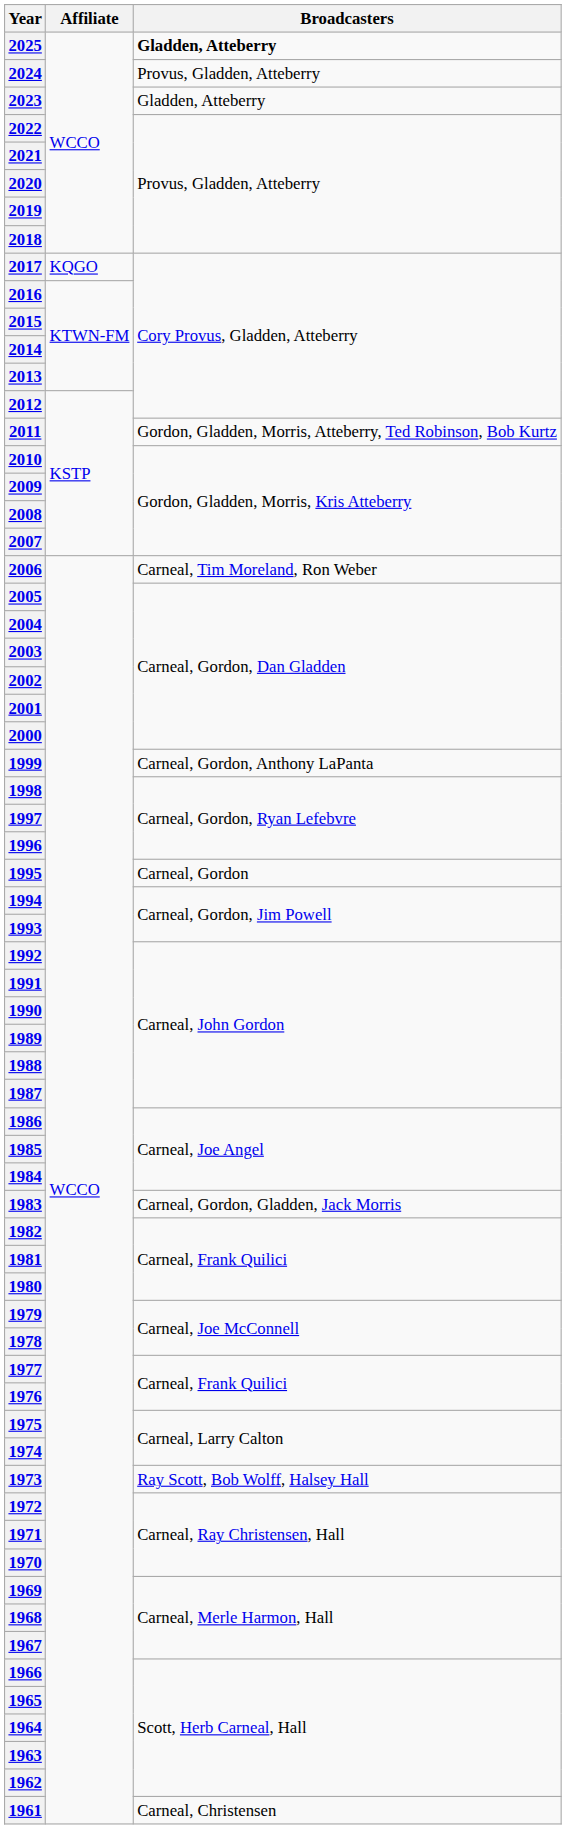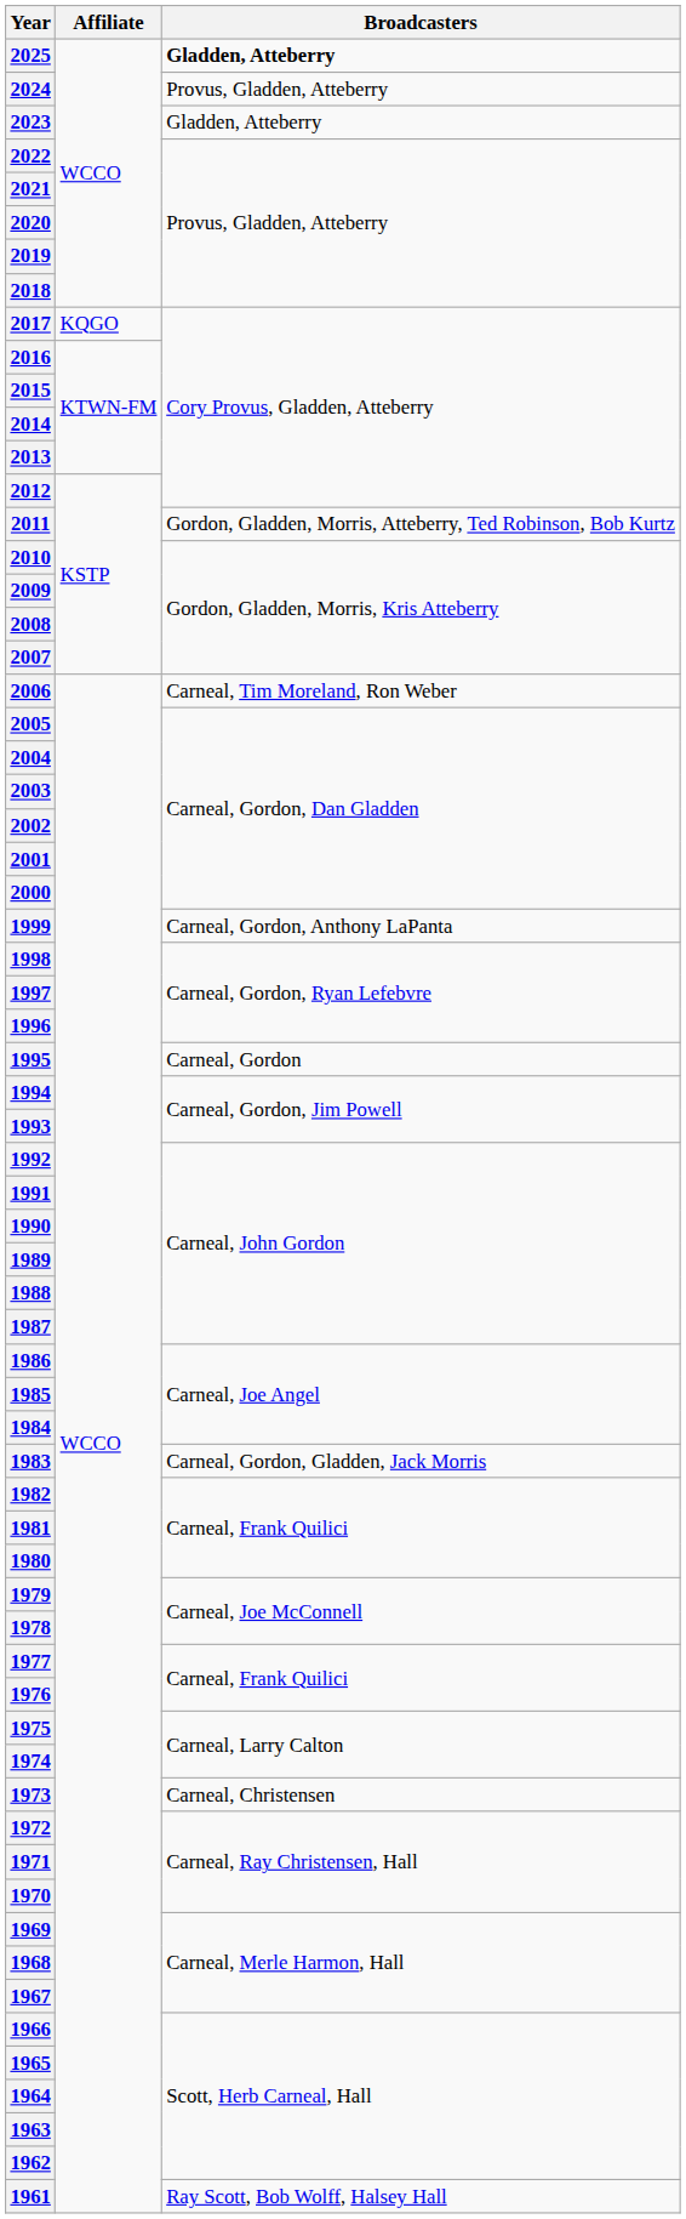 <table class="wikitable" style="font-size:95%">
 <tr>
 <th>Year</th>
 <th>Affiliate</th>
 <th>Broadcasters</th>
 </tr>
 <tr>
 <th><a href='#'>2025</a></th>
 <td rowspan=8><a href='#'>WCCO</a></td>
 <td><strong>Gladden, Atteberry</strong></td>
 </tr>
 <tr>
 <th><a href='#'>2024</a></th>
 <td>Provus, Gladden, Atteberry</td>
 </tr>
 <tr>
 <th><a href='#'>2023</a></th>
 <td>Gladden, Atteberry</td>
 </tr>
 <tr>
 <th><a href='#'>2022</a></th>
 <td rowspan=5>Provus, Gladden, Atteberry</td>
 </tr>
 <tr>
 <th><a href='#'>2021</a></th>
 </tr>
 <tr>
 <th><a href='#'>2020</a></th>
 </tr>
 <tr>
 <th><a href='#'>2019</a></th>
 </tr>
 <tr>
 <th><a href='#'>2018</a></th>
 </tr>
 <tr>
 <th><a href='#'>2017</a></th>
 <td><a href='#'>KQGO</a></td>
 <td rowspan="6"><a href='#'>Cory Provus</a>, Gladden, Atteberry</td>
 </tr>
 <tr>
 <th><a href='#'>2016</a></th>
 <td rowspan="4"><a href='#'>KTWN-FM</a></td>
 </tr>
 <tr>
 <th><a href='#'>2015</a></th>
 </tr>
 <tr>
 <th><a href='#'>2014</a></th>
 </tr>
 <tr>
 <th><a href='#'>2013</a></th>
 </tr>
 <tr>
 <th><a href='#'>2012</a></th>
 <td rowspan="6"><a href='#'>KSTP</a></td>
 </tr>
 <tr>
 <th><a href='#'>2011</a></th>
 <td rowspan="1">Gordon, Gladden, Morris, Atteberry, <a href='#'>Ted Robinson</a>, <a href='#'>Bob Kurtz</a></td>
 </tr>
 <tr>
 <th><a href='#'>2010</a></th>
 <td rowspan="4">Gordon, Gladden, Morris, <a href='#'>Kris Atteberry</a></td>
 </tr>
 <tr>
 <th><a href='#'>2009</a></th>
 </tr>
 <tr>
 <th><a href='#'>2008</a></th>
 </tr>
 <tr>
 <th><a href='#'>2007</a></th>
 </tr>
 <tr>
 <th><a href='#'>2006</a></th>
 <td rowspan="46"><a href='#'>WCCO</a></td>
 <td>Carneal, <a href='#'>Tim Moreland</a>, Ron Weber</td>
 </tr>
 <tr>
 <th><a href='#'>2005</a></th>
 <td rowspan="6">Carneal, Gordon, <a href='#'>Dan Gladden</a></td>
 </tr>
 <tr>
 <th><a href='#'>2004</a></th>
 </tr>
 <tr>
 <th><a href='#'>2003</a></th>
 </tr>
 <tr>
 <th><a href='#'>2002</a></th>
 </tr>
 <tr>
 <th><a href='#'>2001</a></th>
 </tr>
 <tr>
 <th><a href='#'>2000</a></th>
 </tr>
 <tr>
 <th><a href='#'>1999</a></th>
 <td>Carneal, Gordon, Anthony LaPanta</td>
 </tr>
 <tr>
 <th><a href='#'>1998</a></th>
 <td rowspan="3">Carneal, Gordon, <a href='#'>Ryan Lefebvre</a></td>
 </tr>
 <tr>
 <th><a href='#'>1997</a></th>
 </tr>
 <tr>
 <th><a href='#'>1996</a></th>
 </tr>
 <tr>
 <th><a href='#'>1995</a></th>
 <td>Carneal, Gordon</td>
 </tr>
 <tr>
 <th><a href='#'>1994</a></th>
 <td rowspan="2">Carneal, Gordon, <a href='#'>Jim Powell</a></td>
 </tr>
 <tr>
 <th><a href='#'>1993</a></th>
 </tr>
 <tr>
 <th><a href='#'>1992</a></th>
 <td rowspan="6">Carneal, <a href='#'>John Gordon</a></td>
 </tr>
 <tr>
 <th><a href='#'>1991</a></th>
 </tr>
 <tr>
 <th><a href='#'>1990</a></th>
 </tr>
 <tr>
 <th><a href='#'>1989</a></th>
 </tr>
 <tr>
 <th><a href='#'>1988</a></th>
 </tr>
 <tr>
 <th><a href='#'>1987</a></th>
 </tr>
 <tr>
 <th><a href='#'>1986</a></th>
 <td rowspan="3">Carneal, <a href='#'>Joe Angel</a></td>
 </tr>
 <tr>
 <th><a href='#'>1985</a></th>
 </tr>
 <tr>
 <th><a href='#'>1984</a></th>
 </tr>
 <tr>
 <th><a href='#'>1983</a></th>
 <td>Carneal, Gordon, Gladden, <a href='#'>Jack Morris</a></td>
 </tr>
 <tr>
 <th><a href='#'>1982</a></th>
 <td rowspan="3">Carneal, <a href='#'>Frank Quilici</a></td>
 </tr>
 <tr>
 <th><a href='#'>1981</a></th>
 </tr>
 <tr>
 <th><a href='#'>1980</a></th>
 </tr>
 <tr>
 <th><a href='#'>1979</a></th>
 <td rowspan="2">Carneal, <a href='#'>Joe McConnell</a></td>
 </tr>
 <tr>
 <th><a href='#'>1978</a></th>
 </tr>
 <tr>
 <th><a href='#'>1977</a></th>
 <td rowspan="2">Carneal, <a href='#'>Frank Quilici</a></td>
 </tr>
 <tr>
 <th><a href='#'>1976</a></th>
 </tr>
 <tr>
 <th><a href='#'>1975</a></th>
 <td rowspan="2">Carneal, Larry Calton</td>
 </tr>
 <tr>
 <th><a href='#'>1974</a></th>
 </tr>
 <tr>
 <th><a href='#'>1973</a></th>
-<td><a href='#'>Ray Scott</a>, <a href='#'>Bob Wolff</a>, <a href='#'>Halsey Hall</a></td>
+<td>Carneal, Christensen</td>
 </tr>
 <tr>
 <th><a href='#'>1972</a></th>
 <td rowspan="3">Carneal, <a href='#'>Ray Christensen</a>, Hall</td>
 </tr>
 <tr>
 <th><a href='#'>1971</a></th>
 </tr>
 <tr>
 <th><a href='#'>1970</a></th>
 </tr>
 <tr>
 <th><a href='#'>1969</a></th>
 <td rowspan="3">Carneal, <a href='#'>Merle Harmon</a>, Hall</td>
 </tr>
 <tr>
 <th><a href='#'>1968</a></th>
 </tr>
 <tr>
 <th><a href='#'>1967</a></th>
 </tr>
 <tr>
 <th><a href='#'>1966</a></th>
 <td rowspan="5">Scott, <a href='#'>Herb Carneal</a>, Hall</td>
 </tr>
 <tr>
 <th><a href='#'>1965</a></th>
 </tr>
 <tr>
 <th><a href='#'>1964</a></th>
 </tr>
 <tr>
 <th><a href='#'>1963</a></th>
 </tr>
 <tr>
 <th><a href='#'>1962</a></th>
 </tr>
 <tr>
 <th><a href='#'>1961</a></th>
-<td>Carneal, Christensen</td>
+<td><a href='#'>Ray Scott</a>, <a href='#'>Bob Wolff</a>, <a href='#'>Halsey Hall</a></td>
 </tr>
 </table>
